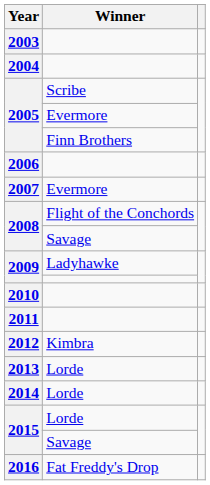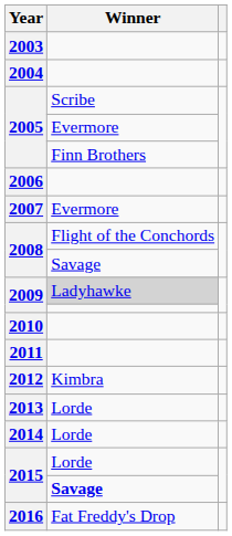 <table class="wikitable sortable">
 <tr>
 <th scope="col">Year</th>
 <th scope="col">Winner</th>
 <th scope="col"></th>
 </tr>
 <tr>
 <th scope="row"><a href='#'>2003</a></th>
 <td></td>
 <td align="center"></td>
 </tr>
 <tr>
 <th scope="row"><a href='#'>2004</a></th>
 <td></td>
 <td align="center"></td>
 </tr>
 <tr>
 <th scope="row" rowspan="3"><a href='#'>2005</a></th>
 <td><a href='#'>Scribe</a></td>
 <td rowspan="3" align="center"></td>
 </tr>
 <tr>
 <td><a href='#'>Evermore</a></td>
 </tr>
 <tr>
 <td><a href='#'>Finn Brothers</a></td>
 </tr>
 <tr>
 <th scope="row"><a href='#'>2006</a></th>
 <td></td>
 <td align="center"></td>
 </tr>
 <tr>
 <th scope="row"><a href='#'>2007</a></th>
 <td><a href='#'>Evermore</a></td>
 <td align="center"></td>
 </tr>
 <tr>
 <th scope="row" rowspan="2"><a href='#'>2008</a></th>
 <td><a href='#'>Flight of the Conchords</a></td>
 <td align="center" rowspan="2"></td>
 </tr>
 <tr>
 <td><a href='#'>Savage</a></td>
 </tr>
 <tr>
 <th scope="row" rowspan="2"><a href='#'>2009</a></th>
-<td><a href='#'>Ladyhawke</a></td>
+<td style="background: lightgrey;"><a href='#'>Ladyhawke</a></td>
 <td align="center" rowspan="2"></td>
 </tr>
 <tr>
 <td></td>
 </tr>
 <tr>
 <th scope="row"><a href='#'>2010</a></th>
 <td></td>
 <td align="center"></td>
 </tr>
 <tr>
 <th scope="row"><a href='#'>2011</a></th>
 <td></td>
 <td align="center"></td>
 </tr>
 <tr>
 <th scope="row"><a href='#'>2012</a></th>
 <td><a href='#'>Kimbra</a></td>
 <td align="center"></td>
 </tr>
 <tr>
 <th scope="row"><a href='#'>2013</a></th>
 <td><a href='#'>Lorde</a></td>
 <td align="center"></td>
 </tr>
 <tr>
 <th scope="row"><a href='#'>2014</a></th>
 <td><a href='#'>Lorde</a></td>
 <td align="center"></td>
 </tr>
 <tr>
 <th scope="row" rowspan="2"><a href='#'>2015</a></th>
 <td><a href='#'>Lorde</a></td>
 <td align="center" rowspan="2"></td>
 </tr>
 <tr>
-<td><a href='#'>Savage</a></td>
+<td><strong><a href='#'>Savage</a></strong></td>
 </tr>
 <tr>
 <th scope="row"><a href='#'>2016</a></th>
 <td><a href='#'>Fat Freddy's Drop</a></td>
 <td align="center"></td>
 </tr>
 </table>
